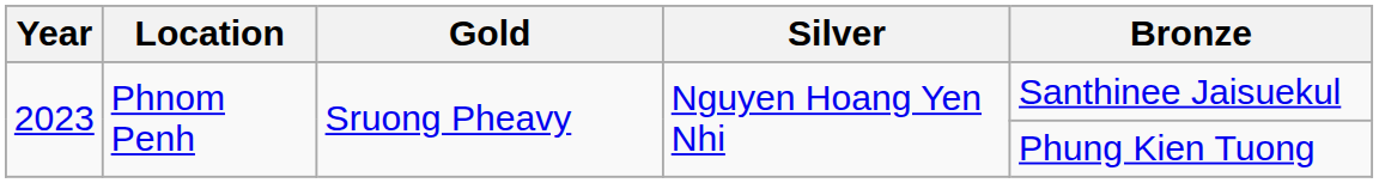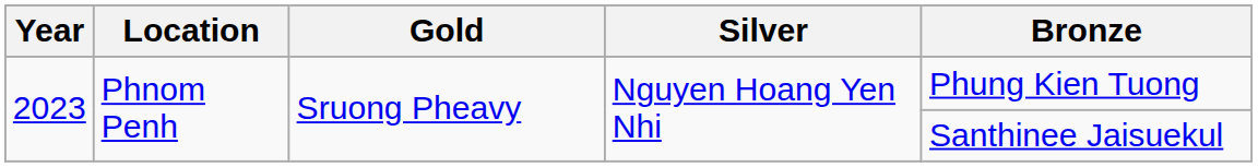 <table class="wikitable">
 <tr>
 <th>Year</th>
 <th width="100">Location</th>
 <th width="200">Gold</th>
 <th width="200">Silver</th>
 <th width="200">Bronze</th>
 </tr>
 <tr>
 <td rowspan=2><a href='#'>2023</a></td>
 <td rowspan=2> <a href='#'>Phnom Penh</a></td>
 <td rowspan=2> <a href='#'>Sruong Pheavy</a></td>
 <td rowspan=2> <a href='#'>Nguyen Hoang Yen Nhi</a></td>
+<td> <a href='#'>Phung Kien Tuong</a></td>
+</tr>
+<tr>
 <td> <a href='#'>Santhinee Jaisuekul</a></td>
 </tr>
-<tr>
-<td> <a href='#'>Phung Kien Tuong</a></td>
-</tr>
 </table>
